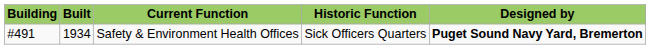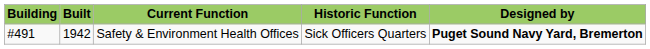 <table class="wikitable">
 <tr>
 <th style="background:#9BCB65">Building</th>
 <th style="background:#9BCB65">Built</th>
 <th style="background:#9BCB65">Current Function</th>
 <th style="background:#9BCB65">Historic Function</th>
 <th style="background:#9BCB65">Designed by</th>
 </tr>
 <tr>
 <td>#491</td>
-<td>1934</td>
+<td>1942</td>
 <td>Safety & Environment Health Offices</td>
 <td>Sick Officers Quarters</td>
 <td><strong>Puget Sound Navy Yard, Bremerton</strong></td>
 </tr>
 </table>
